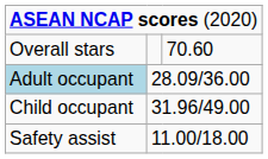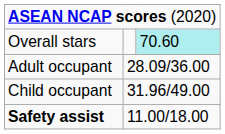 <table class="wikitable">
 <tr>
 <td colspan="3"><strong><a href='#'>ASEAN NCAP</a> scores</strong> (2020)</td>
 </tr>
 <tr>
 <td>Overall stars</td>
 <td></td>
-<td>70.60</td>
+<td style="background: paleturquoise;">70.60</td>
 </tr>
 <tr>
-<td style="background: lightblue;">Adult occupant</td>
+<td>Adult occupant</td>
 <td colspan="2">28.09/36.00</td>
 </tr>
 <tr>
 <td>Child occupant</td>
 <td colspan="2">31.96/49.00</td>
 </tr>
 <tr>
-<td>Safety assist</td>
+<td><strong>Safety assist</strong></td>
 <td colspan="2">11.00/18.00</td>
 </tr>
 </table>
